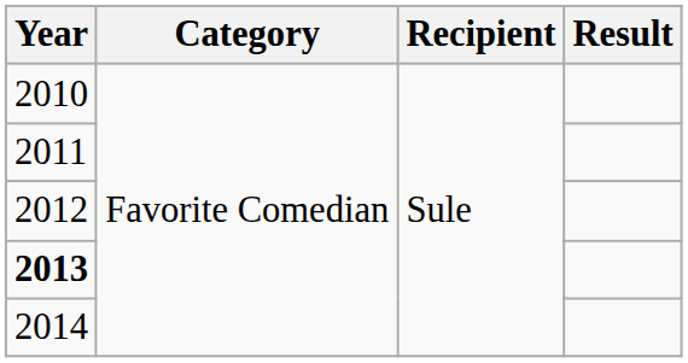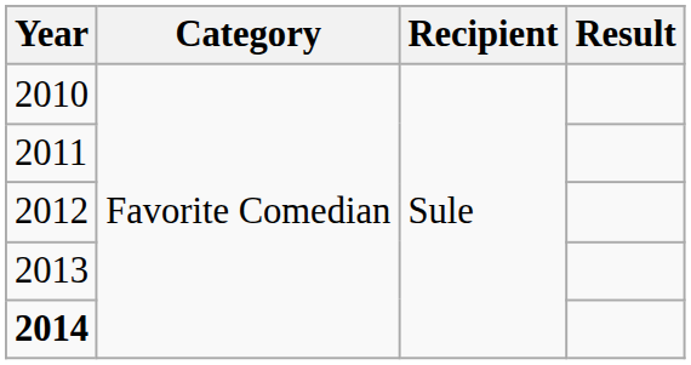 <table class="wikitable">
 <tr>
 <th>Year</th>
 <th>Category</th>
 <th>Recipient</th>
 <th>Result</th>
 </tr>
 <tr>
 <td>2010</td>
 <td rowspan="5">Favorite Comedian</td>
 <td rowspan="5">Sule</td>
 <td></td>
 </tr>
 <tr>
 <td>2011</td>
 <td></td>
 </tr>
 <tr>
 <td>2012</td>
 <td></td>
 </tr>
 <tr>
-<td><strong>2013</strong></td>
+<td>2013</td>
 <td></td>
 </tr>
 <tr>
-<td>2014</td>
+<td><strong>2014</strong></td>
 <td></td>
 </tr>
 </table>
